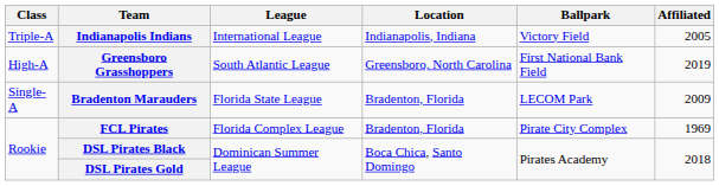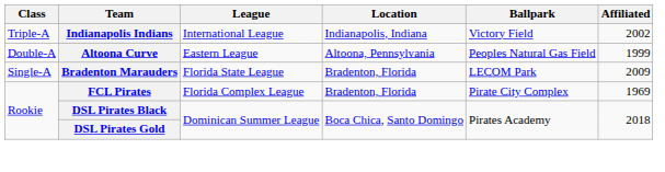 <table class="wikitable plainrowheaders sortable">
 <tr>
 <th scope="col">Class</th>
 <th scope="col">Team</th>
 <th scope="col">League</th>
 <th scope="col">Location</th>
 <th scope="col">Ballpark</th>
 <th scope="col">Affiliated</th>
 </tr>
 <tr>
 <td><a href='#'>Triple-A</a></td>
 <th scope="row"><a href='#'>Indianapolis Indians</a></th>
 <td><a href='#'>International League</a></td>
 <td><a href='#'>Indianapolis, Indiana</a></td>
 <td><a href='#'>Victory Field</a></td>
-<td align="right">2005</td>
+<td align="right">2002</td>
 </tr>
 <tr>
-<td><a href='#'>High-A</a></td>
-<th scope="row"><a href='#'>Greensboro Grasshoppers</a></th>
-<td><a href='#'>South Atlantic League</a></td>
-<td><a href='#'>Greensboro, North Carolina</a></td>
-<td><a href='#'>First National Bank Field</a></td>
-<td align="right">2019</td>
+<td><a href='#'>Double-A</a></td>
+<th scope="row"><a href='#'>Altoona Curve</a></th>
+<td><a href='#'>Eastern League</a></td>
+<td><a href='#'>Altoona, Pennsylvania</a></td>
+<td><a href='#'>Peoples Natural Gas Field</a></td>
+<td align="right">1999</td>
 </tr>
 <tr>
 <td><a href='#'>Single-A</a></td>
 <th scope="row"><a href='#'>Bradenton Marauders</a></th>
 <td><a href='#'>Florida State League</a></td>
 <td><a href='#'>Bradenton, Florida</a></td>
 <td><a href='#'>LECOM Park</a></td>
 <td align="right">2009</td>
 </tr>
 <tr>
 <td rowspan=3><a href='#'>Rookie</a></td>
 <th scope="row"><a href='#'>FCL Pirates</a></th>
 <td><a href='#'>Florida Complex League</a></td>
 <td><a href='#'>Bradenton, Florida</a></td>
 <td><a href='#'>Pirate City Complex</a></td>
 <td align="right">1969</td>
 </tr>
 <tr>
 <th scope="row"><a href='#'>DSL Pirates Black</a></th>
 <td rowspan=2><a href='#'>Dominican Summer League</a></td>
 <td rowspan=2><a href='#'>Boca Chica</a>, <a href='#'>Santo Domingo</a></td>
 <td rowspan=2>Pirates Academy</td>
 <td rowspan=2 align="right">2018</td>
 </tr>
 <tr>
 <th scope="row"><a href='#'>DSL Pirates Gold</a></th>
 </tr>
 </table>
